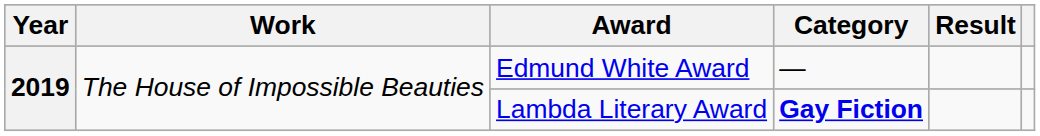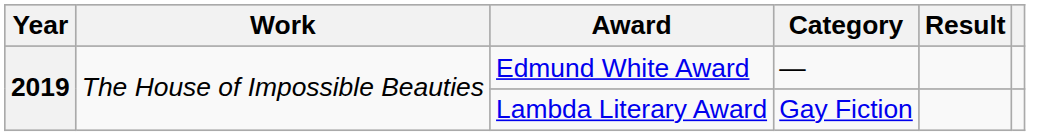 <table class="wikitable sortable">
 <tr>
 <th>Year</th>
 <th>Work</th>
 <th>Award</th>
 <th>Category</th>
 <th>Result</th>
 <th></th>
 </tr>
 <tr>
 <th rowspan="2">2019</th>
 <td rowspan="2"><em>The House of Impossible Beauties</em></td>
 <td><a href='#'>Edmund White Award</a></td>
 <td>—</td>
 <td></td>
 <td></td>
 </tr>
 <tr>
 <td><a href='#'>Lambda Literary Award</a></td>
-<td><strong><a href='#'>Gay Fiction</a></strong></td>
+<td><a href='#'>Gay Fiction</a></td>
 <td></td>
 <td></td>
 </tr>
 </table>
